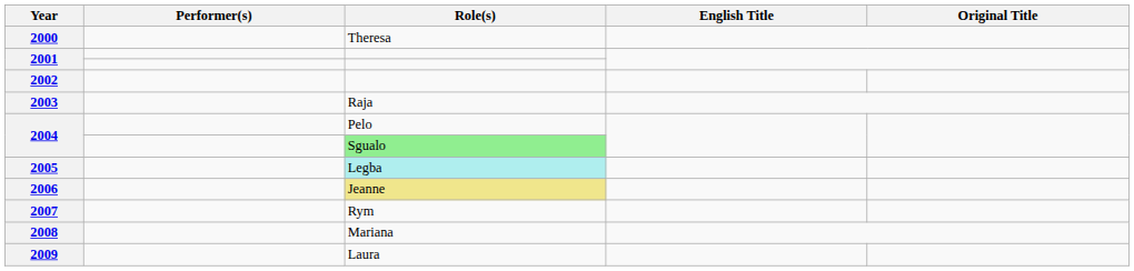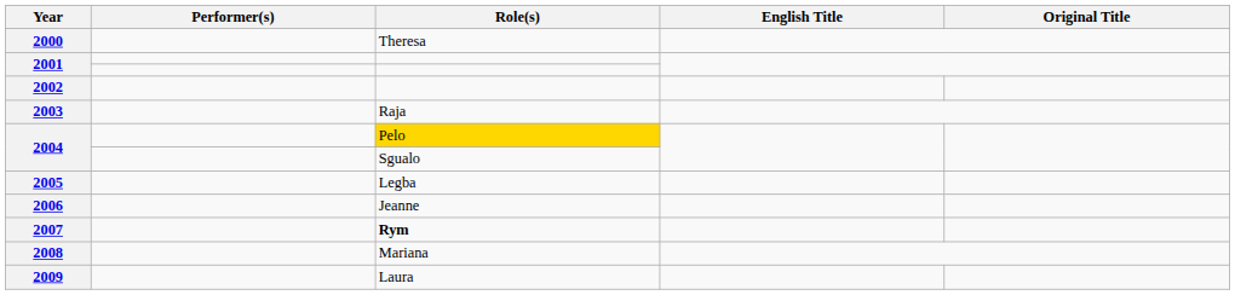 <table class="wikitable plainrowheaders">
 <tr>
 <th scope="col" style="width:3%;">Year</th>
 <th scope="col" style="width:10%;">Performer(s)</th>
 <th scope="col" style="width:10%;">Role(s)</th>
 <th scope="col" style="width:10%;">English Title</th>
 <th scope="col" style="width:10%;">Original Title</th>
 </tr>
 <tr>
 <th><a href='#'>2000</a></th>
 <td></td>
 <td>Theresa</td>
 <td colspan="2"></td>
 </tr>
 <tr>
 <th rowspan="2"><a href='#'>2001</a></th>
 <td></td>
 <td></td>
 <td colspan="2" rowspan="2"></td>
 </tr>
 <tr>
 <td></td>
 <td></td>
 </tr>
 <tr>
 <th><a href='#'>2002</a></th>
 <td></td>
 <td></td>
 <td></td>
 <td></td>
 </tr>
 <tr>
 <th><a href='#'>2003</a></th>
 <td></td>
 <td>Raja</td>
 <td colspan="2"></td>
 </tr>
 <tr>
 <th rowspan="2"><a href='#'>2004</a></th>
 <td></td>
-<td>Pelo</td>
+<td style="background: gold;">Pelo</td>
 <td rowspan="2"></td>
 <td rowspan="2"></td>
 </tr>
 <tr>
 <td></td>
-<td style="background: lightgreen;">Sgualo</td>
+<td>Sgualo</td>
 </tr>
 <tr>
 <th><a href='#'>2005</a></th>
 <td></td>
-<td style="background: paleturquoise;">Legba</td>
+<td>Legba</td>
 <td></td>
 <td></td>
 </tr>
 <tr>
 <th><a href='#'>2006</a></th>
 <td></td>
-<td style="background: khaki;">Jeanne</td>
+<td>Jeanne</td>
 <td></td>
 <td></td>
 </tr>
 <tr>
 <th><a href='#'>2007</a></th>
 <td></td>
-<td>Rym</td>
+<td><strong>Rym</strong></td>
 <td></td>
 <td></td>
 </tr>
 <tr>
 <th><a href='#'>2008</a></th>
 <td></td>
 <td>Mariana</td>
 <td colspan="2"></td>
 </tr>
 <tr>
 <th><a href='#'>2009</a></th>
 <td></td>
 <td>Laura</td>
 <td></td>
 <td></td>
 </tr>
 </table>
